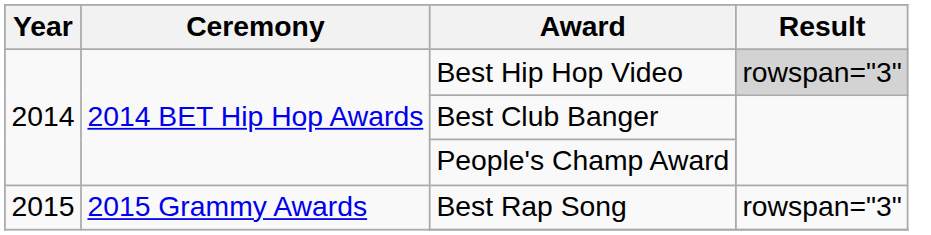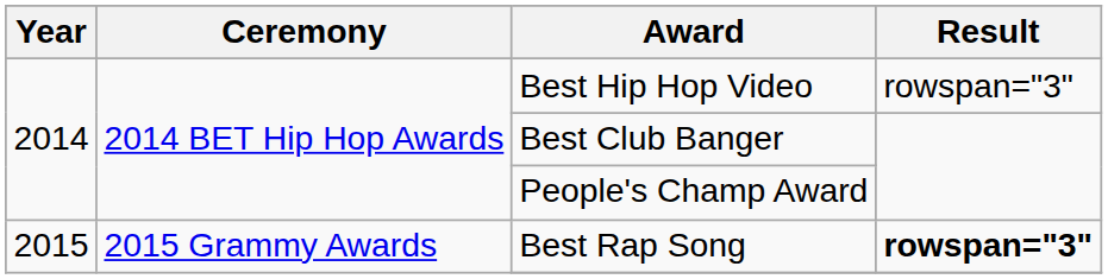 <table class="wikitable">
 <tr>
 <th>Year</th>
 <th>Ceremony</th>
 <th>Award</th>
 <th>Result</th>
 </tr>
 <tr>
 <td rowspan="3">2014</td>
 <td rowspan="3"><a href='#'>2014 BET Hip Hop Awards</a></td>
 <td>Best Hip Hop Video</td>
-<td style="background: lightgrey;">rowspan="3" </td>
+<td>rowspan="3" </td>
 </tr>
 <tr>
 <td>Best Club Banger</td>
 </tr>
 <tr>
 <td>People's Champ Award</td>
 </tr>
 <tr>
 <td rowspan="3">2015</td>
 <td rowspan="3"><a href='#'>2015 Grammy Awards</a></td>
 <td>Best Rap Song</td>
-<td>rowspan="3" </td>
+<td><strong>rowspan="3" </strong></td>
 </tr>
 <tr>
 </tr>
 </table>
